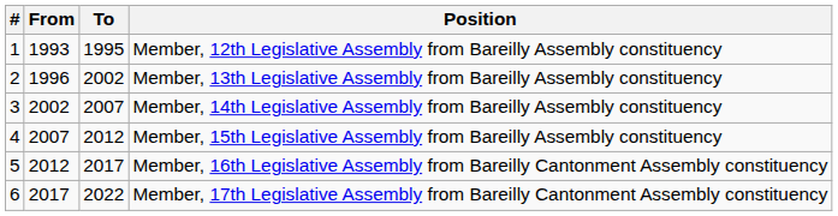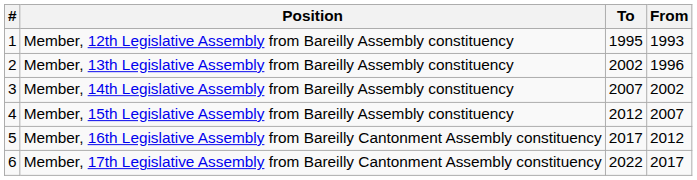 <table class="wikitable sortable">
 <tr>
 <th>#</th>
+<th>Position</th>
+<th>To</th>
 <th>From</th>
-<th>To</th>
-<th>Position</th>
 </tr>
 <tr>
 <td>1</td>
+<td>Member, <a href='#'>12th Legislative Assembly</a> from Bareilly Assembly constituency</td>
+<td>1995</td>
 <td>1993</td>
-<td>1995</td>
-<td>Member, <a href='#'>12th Legislative Assembly</a> from Bareilly Assembly constituency</td>
 </tr>
 <tr>
 <td>2</td>
+<td>Member, <a href='#'>13th Legislative Assembly</a> from Bareilly Assembly constituency</td>
+<td>2002</td>
 <td>1996</td>
-<td>2002</td>
-<td>Member, <a href='#'>13th Legislative Assembly</a> from Bareilly Assembly constituency</td>
 </tr>
 <tr>
 <td>3</td>
+<td>Member, <a href='#'>14th Legislative Assembly</a> from Bareilly Assembly constituency</td>
+<td>2007</td>
 <td>2002</td>
-<td>2007</td>
-<td>Member, <a href='#'>14th Legislative Assembly</a> from Bareilly Assembly constituency</td>
 </tr>
 <tr>
 <td>4</td>
+<td>Member, <a href='#'>15th Legislative Assembly</a> from Bareilly Assembly constituency</td>
+<td>2012</td>
 <td>2007</td>
-<td>2012</td>
-<td>Member, <a href='#'>15th Legislative Assembly</a> from Bareilly Assembly constituency</td>
 </tr>
 <tr>
 <td>5</td>
+<td>Member, <a href='#'>16th Legislative Assembly</a> from Bareilly Cantonment Assembly constituency</td>
+<td>2017</td>
 <td>2012</td>
-<td>2017</td>
-<td>Member, <a href='#'>16th Legislative Assembly</a> from Bareilly Cantonment Assembly constituency</td>
 </tr>
 <tr>
 <td>6</td>
+<td>Member, <a href='#'>17th Legislative Assembly</a> from Bareilly Cantonment Assembly constituency</td>
+<td>2022</td>
 <td>2017</td>
-<td>2022</td>
-<td>Member, <a href='#'>17th Legislative Assembly</a> from Bareilly Cantonment Assembly constituency</td>
 </tr>
 </table>
